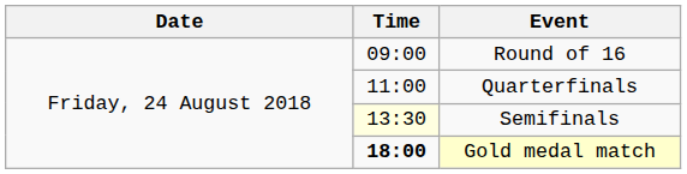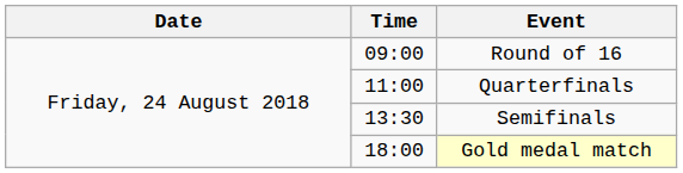 <table class = "wikitable" style="text-align:center;">
 <tr>
 <th width=220>Date</th>
 <th width=50>Time</th>
 <th width=150>Event</th>
 </tr>
 <tr>
 <td rowspan=4>Friday, 24 August 2018</td>
 <td>09:00</td>
 <td>Round of 16</td>
 </tr>
 <tr>
 <td>11:00</td>
 <td>Quarterfinals</td>
 </tr>
 <tr>
-<td style="background: lightyellow;">13:30</td>
+<td>13:30</td>
 <td>Semifinals</td>
 </tr>
 <tr>
-<td><strong>18:00</strong></td>
+<td>18:00</td>
 <td bgcolor=ffffcc>Gold medal match</td>
 </tr>
 </table>
